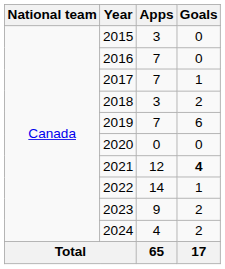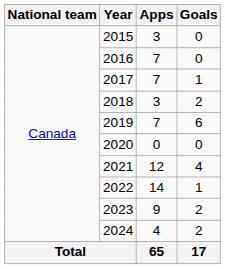 <table class="wikitable" style="text-align:center">
 <tr>
 <th>National team</th>
 <th>Year</th>
 <th>Apps</th>
 <th>Goals</th>
 </tr>
 <tr>
 <td rowspan="10"><a href='#'>Canada</a></td>
 <td>2015</td>
 <td>3</td>
 <td>0</td>
 </tr>
 <tr>
 <td>2016</td>
 <td>7</td>
 <td>0</td>
 </tr>
 <tr>
 <td>2017</td>
 <td>7</td>
 <td>1</td>
 </tr>
 <tr>
 <td>2018</td>
 <td>3</td>
 <td>2</td>
 </tr>
 <tr>
 <td>2019</td>
 <td>7</td>
 <td>6</td>
 </tr>
 <tr>
 <td>2020</td>
 <td>0</td>
 <td>0</td>
 </tr>
 <tr>
 <td>2021</td>
 <td>12</td>
-<td><strong>4</strong></td>
+<td>4</td>
 </tr>
 <tr>
 <td>2022</td>
 <td>14</td>
 <td>1</td>
 </tr>
 <tr>
 <td>2023</td>
 <td>9</td>
 <td>2</td>
 </tr>
 <tr>
 <td>2024</td>
 <td>4</td>
 <td>2</td>
 </tr>
 <tr>
 <th colspan="2">Total</th>
 <th>65</th>
 <th>17</th>
 </tr>
 </table>
